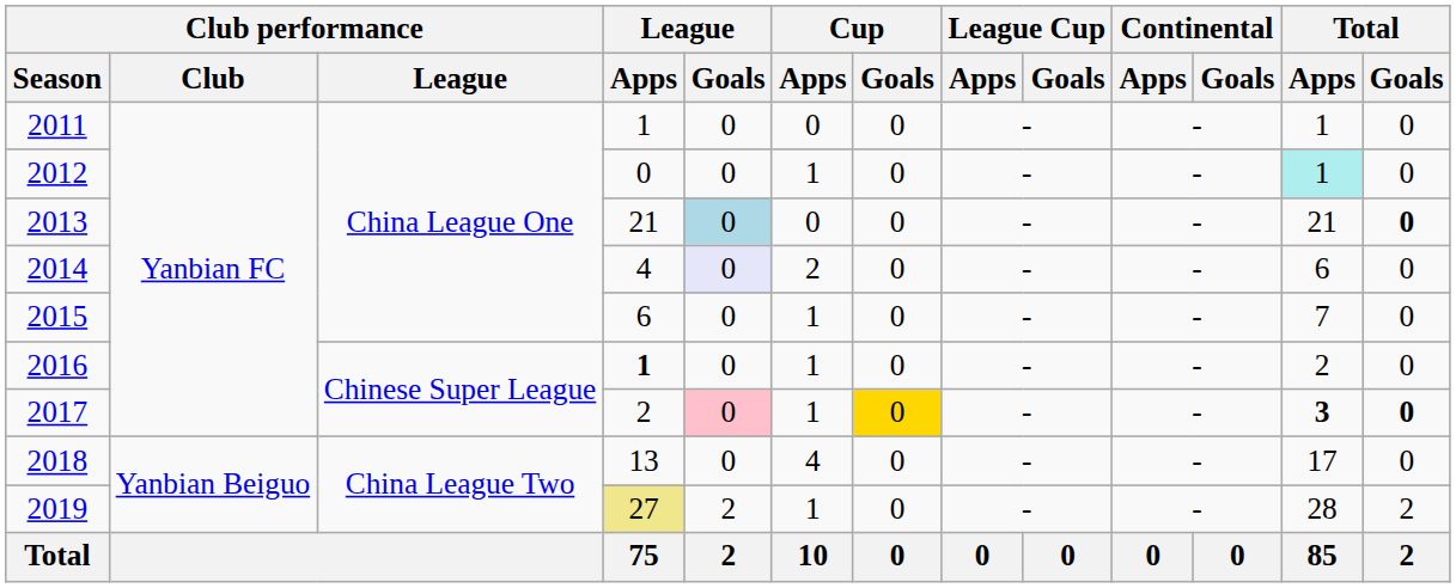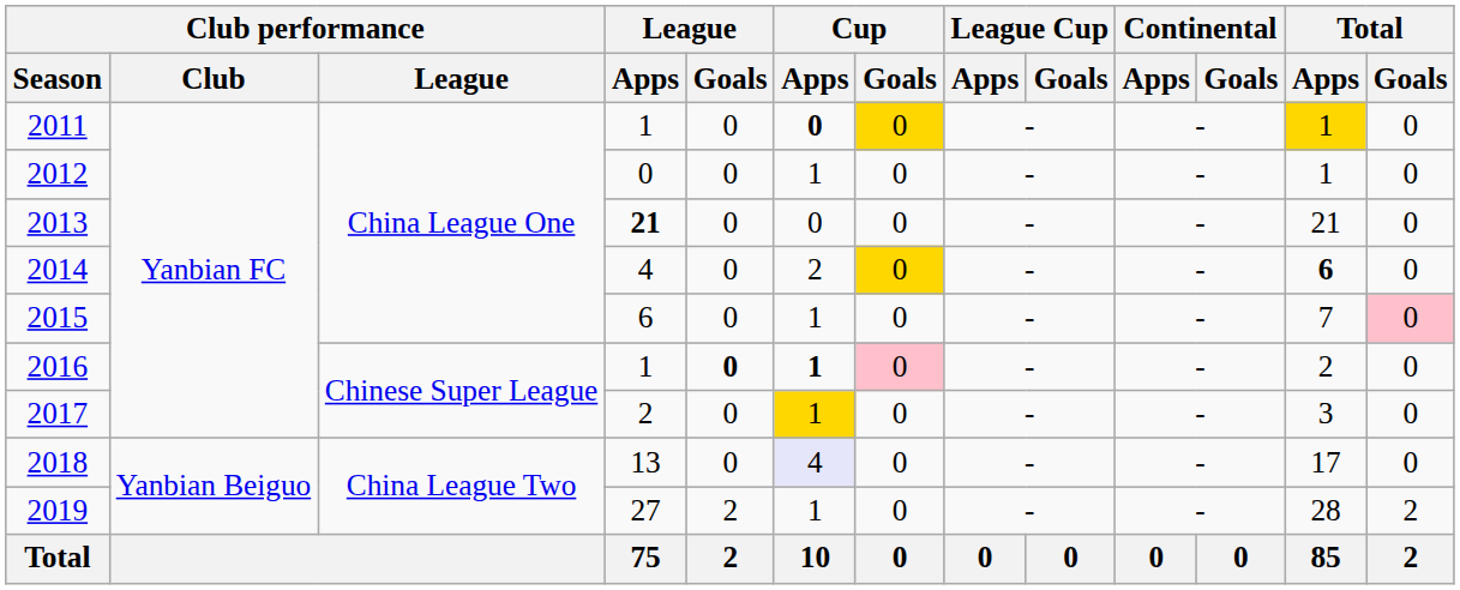 <table class="wikitable" style="text-align:center">
 <tr>
 <th colspan=3>Club performance</th>
 <th colspan=2>League</th>
 <th colspan=2>Cup</th>
 <th colspan=2>League Cup</th>
 <th colspan=2>Continental</th>
 <th colspan=2>Total</th>
 </tr>
 <tr>
 <th>Season</th>
 <th>Club</th>
 <th>League</th>
 <th>Apps</th>
 <th>Goals</th>
 <th>Apps</th>
 <th>Goals</th>
 <th>Apps</th>
 <th>Goals</th>
 <th>Apps</th>
 <th>Goals</th>
 <th>Apps</th>
 <th>Goals</th>
 </tr>
 <tr>
 <td><a href='#'>2011</a></td>
 <td rowspan="7"><a href='#'>Yanbian FC</a></td>
 <td rowspan="5"><a href='#'>China League One</a></td>
 <td>1</td>
 <td>0</td>
-<td>0</td>
-<td>0</td>
+<td><strong>0</strong></td>
+<td style="background: gold;">0</td>
 <td colspan="2">-</td>
 <td colspan="2">-</td>
-<td>1</td>
+<td style="background: gold;">1</td>
 <td>0</td>
 </tr>
 <tr>
 <td><a href='#'>2012</a></td>
 <td>0</td>
 <td>0</td>
 <td>1</td>
 <td>0</td>
 <td colspan="2">-</td>
 <td colspan="2">-</td>
-<td style="background: paleturquoise;">1</td>
+<td>1</td>
 <td>0</td>
 </tr>
 <tr>
 <td><a href='#'>2013</a></td>
-<td>21</td>
-<td style="background: lightblue;">0</td>
+<td><strong>21</strong></td>
+<td>0</td>
 <td>0</td>
 <td>0</td>
 <td colspan="2">-</td>
 <td colspan="2">-</td>
 <td>21</td>
-<td><strong>0</strong></td>
+<td>0</td>
 </tr>
 <tr>
 <td><a href='#'>2014</a></td>
 <td>4</td>
-<td style="background: lavender;">0</td>
+<td>0</td>
 <td>2</td>
-<td>0</td>
+<td style="background: gold;">0</td>
 <td colspan="2">-</td>
 <td colspan="2">-</td>
-<td>6</td>
+<td><strong>6</strong></td>
 <td>0</td>
 </tr>
 <tr>
 <td><a href='#'>2015</a></td>
 <td>6</td>
 <td>0</td>
 <td>1</td>
 <td>0</td>
 <td colspan="2">-</td>
 <td colspan="2">-</td>
 <td>7</td>
-<td>0</td>
+<td style="background: pink;">0</td>
 </tr>
 <tr>
 <td><a href='#'>2016</a></td>
 <td rowspan="2"><a href='#'>Chinese Super League</a></td>
+<td>1</td>
+<td><strong>0</strong></td>
 <td><strong>1</strong></td>
-<td>0</td>
-<td>1</td>
-<td>0</td>
+<td style="background: pink;">0</td>
 <td colspan="2">-</td>
 <td colspan="2">-</td>
 <td>2</td>
 <td>0</td>
 </tr>
 <tr>
 <td><a href='#'>2017</a></td>
 <td>2</td>
-<td style="background: pink;">0</td>
-<td>1</td>
-<td style="background: gold;">0</td>
+<td>0</td>
+<td style="background: gold;">1</td>
+<td>0</td>
 <td colspan="2">-</td>
 <td colspan="2">-</td>
-<td><strong>3</strong></td>
-<td><strong>0</strong></td>
+<td>3</td>
+<td>0</td>
 </tr>
 <tr>
 <td><a href='#'>2018</a></td>
 <td rowspan="2"><a href='#'>Yanbian Beiguo</a></td>
 <td rowspan="2"><a href='#'>China League Two</a></td>
 <td>13</td>
 <td>0</td>
-<td>4</td>
+<td style="background: lavender;">4</td>
 <td>0</td>
 <td colspan="2">-</td>
 <td colspan="2">-</td>
 <td>17</td>
 <td>0</td>
 </tr>
 <tr>
 <td><a href='#'>2019</a></td>
-<td style="background: khaki;">27</td>
+<td>27</td>
 <td>2</td>
 <td>1</td>
 <td>0</td>
 <td colspan="2">-</td>
 <td colspan="2">-</td>
 <td>28</td>
 <td>2</td>
 </tr>
 <tr>
 <th rowspan=3>Total</th>
 <th colspan=2></th>
 <th>75</th>
 <th>2</th>
 <th>10</th>
 <th>0</th>
 <th>0</th>
 <th>0</th>
 <th>0</th>
 <th>0</th>
 <th>85</th>
 <th>2</th>
 </tr>
 </table>
